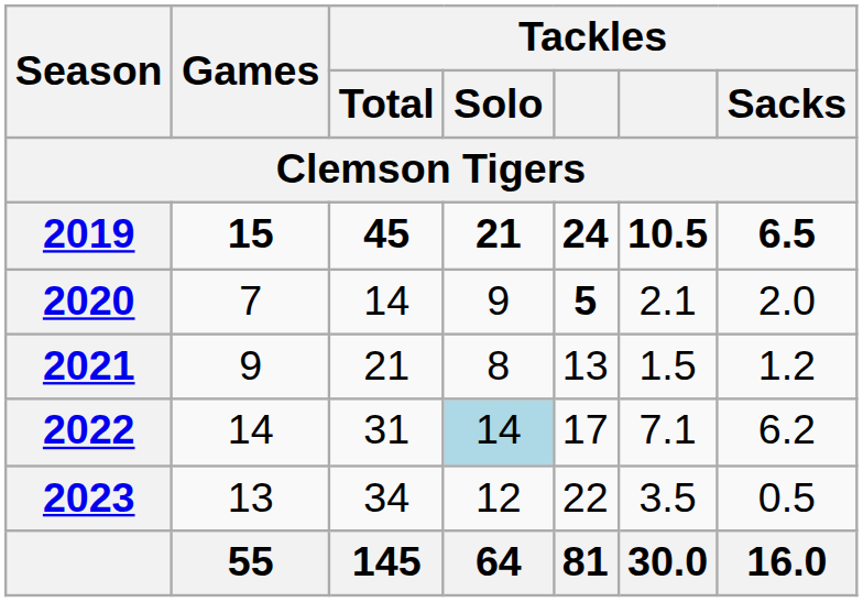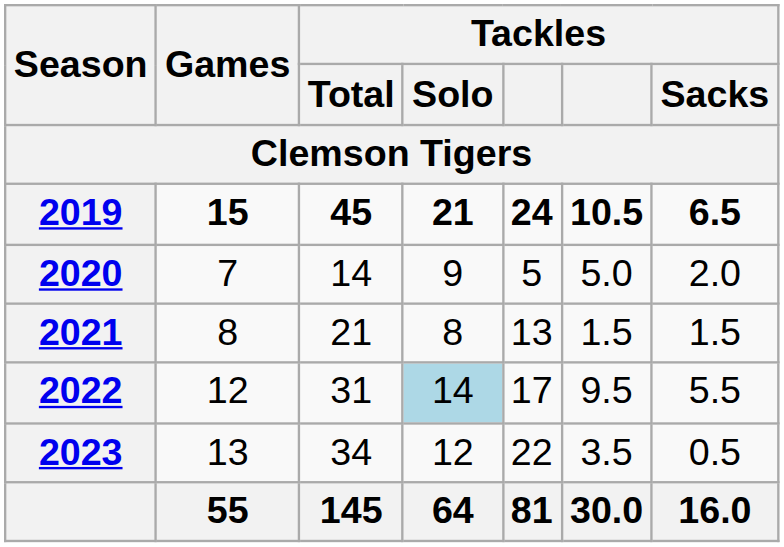 <table class=wikitable style="text-align:center;">
 <tr>
 <th rowspan=2>Season</th>
 <th colspan="1" rowspan="2">Games</th>
 <th colspan=5>Tackles</th>
 </tr>
 <tr>
 <th>Total</th>
 <th>Solo</th>
 <th></th>
 <th></th>
 <th>Sacks</th>
 </tr>
 <tr>
 <th colspan="7">Clemson Tigers</th>
 </tr>
 <tr>
 <th><a href='#'>2019</a></th>
 <td><strong>15</strong></td>
 <td><strong>45</strong></td>
 <td><strong>21</strong></td>
 <td><strong>24</strong></td>
 <td><strong>10.5</strong></td>
 <td><strong>6.5</strong></td>
 </tr>
 <tr>
 <th><a href='#'>2020</a></th>
 <td>7</td>
 <td>14</td>
 <td>9</td>
-<td><strong>5</strong></td>
-<td>2.1</td>
+<td>5</td>
+<td>5.0</td>
 <td>2.0</td>
 </tr>
 <tr>
 <th><a href='#'>2021</a></th>
-<td>9</td>
+<td>8</td>
 <td>21</td>
 <td>8</td>
 <td>13</td>
 <td>1.5</td>
-<td>1.2</td>
+<td>1.5</td>
 </tr>
 <tr>
 <th><a href='#'>2022</a></th>
-<td>14</td>
+<td>12</td>
 <td>31</td>
 <td style="background: lightblue;">14</td>
 <td>17</td>
-<td>7.1</td>
-<td>6.2</td>
+<td>9.5</td>
+<td>5.5</td>
 </tr>
 <tr>
 <th><a href='#'>2023</a></th>
 <td>13</td>
 <td>34</td>
 <td>12</td>
 <td>22</td>
 <td>3.5</td>
 <td>0.5</td>
 </tr>
 <tr>
 <th></th>
 <th>55</th>
 <th>145</th>
 <th>64</th>
 <th>81</th>
 <th>30.0</th>
 <th>16.0</th>
 </tr>
 </table>
